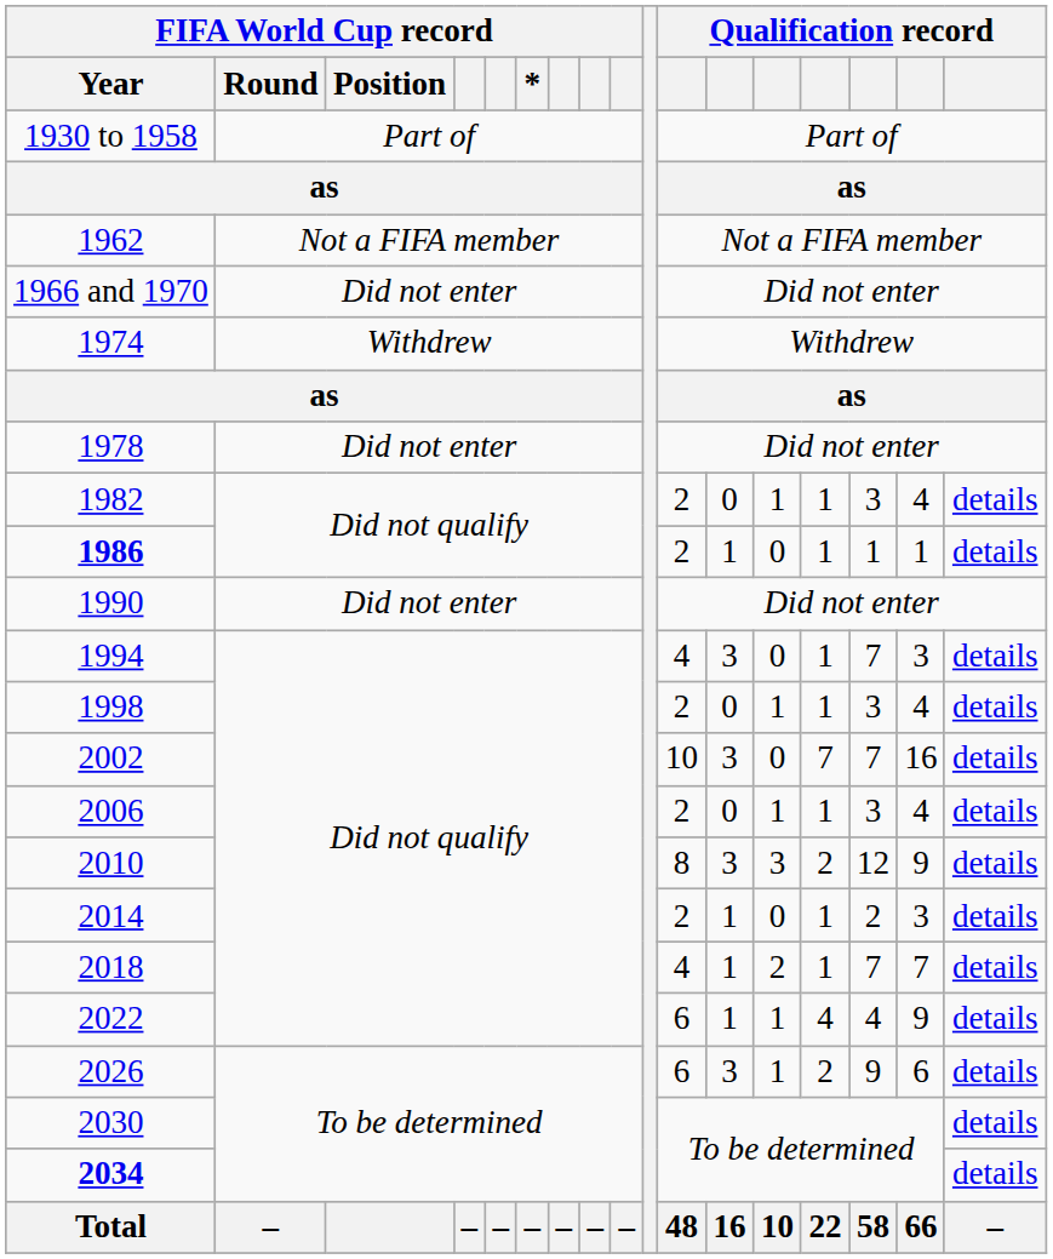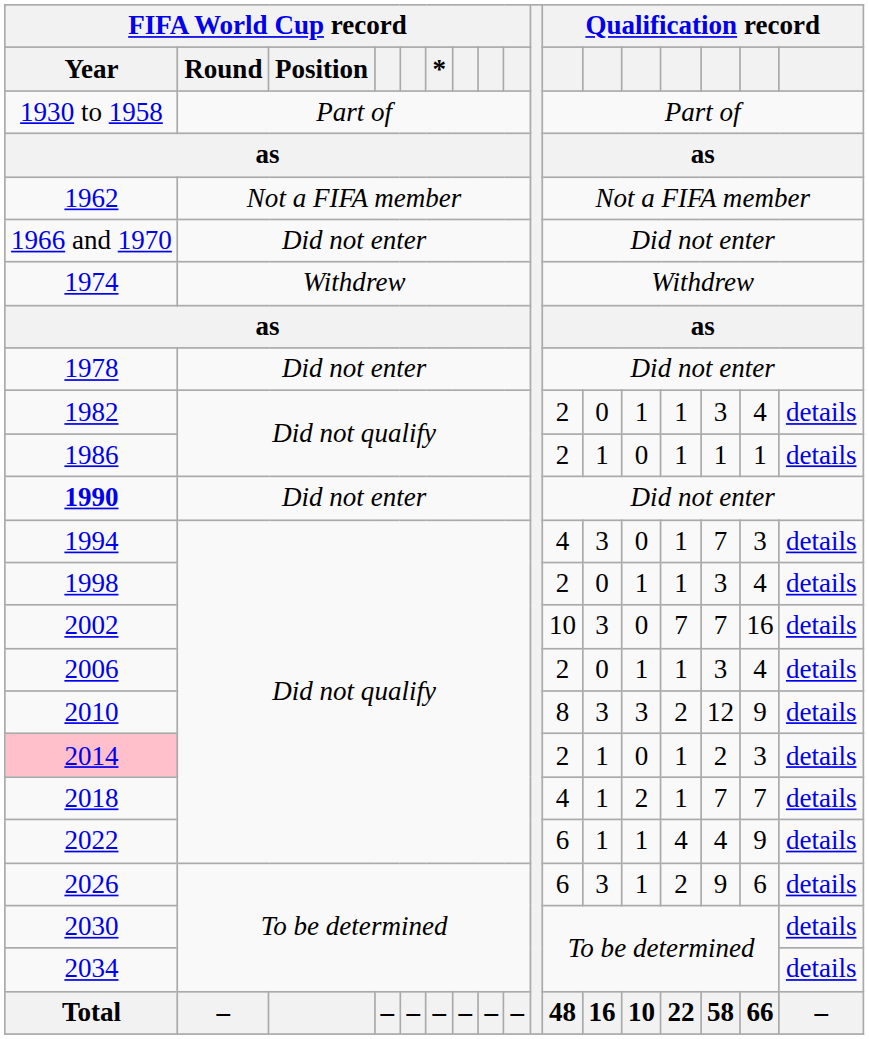 <table class="wikitable" style="text-align: center;">
 <tr>
 <th colspan=9><a href='#'>FIFA World Cup</a> record</th>
 <th rowspan=39></th>
 <th colspan=8><a href='#'>Qualification</a> record</th>
 </tr>
 <tr>
 <th>Year</th>
 <th>Round</th>
 <th>Position</th>
 <th></th>
 <th></th>
 <th>*</th>
 <th></th>
 <th></th>
 <th></th>
 <th></th>
 <th></th>
 <th></th>
 <th></th>
 <th></th>
 <th></th>
 <th></th>
 </tr>
 <tr>
 <td><a href='#'>1930</a> to <a href='#'>1958</a></td>
 <td colspan=8><em>Part of </em></td>
 <td colspan=8><em>Part of </em></td>
 </tr>
 <tr>
 <th colspan=9>as <strong></strong></th>
 <th colspan=8>as <strong></strong></th>
 </tr>
 <tr>
 <td> <a href='#'>1962</a></td>
 <td colspan=8><em>Not a FIFA member</em></td>
 <td colspan=8><em>Not a FIFA member</em></td>
 </tr>
 <tr>
 <td><a href='#'>1966</a> and <a href='#'>1970</a></td>
 <td colspan=8><em>Did not enter</em></td>
 <td colspan=8><em>Did not enter</em></td>
 </tr>
 <tr>
 <td> <a href='#'>1974</a></td>
 <td colspan=8><em>Withdrew</em></td>
 <td colspan=8><em>Withdrew</em></td>
 </tr>
 <tr>
 <th colspan=9>as <strong></strong></th>
 <th colspan=8>as <strong></strong></th>
 </tr>
 <tr>
 <td> <a href='#'>1978</a></td>
 <td colspan=8><em>Did not enter</em></td>
 <td colspan=8><em>Did not enter</em></td>
 </tr>
 <tr>
 <td> <a href='#'>1982</a></td>
 <td colspan=8 rowspan=2><em>Did not qualify</em></td>
 <td>2</td>
 <td>0</td>
 <td>1</td>
 <td>1</td>
 <td>3</td>
 <td>4</td>
 <td><a href='#'>details</a></td>
 </tr>
 <tr>
-<td><strong> <a href='#'>1986</a></strong></td>
+<td> <a href='#'>1986</a></td>
 <td>2</td>
 <td>1</td>
 <td>0</td>
 <td>1</td>
 <td>1</td>
 <td>1</td>
 <td><a href='#'>details</a></td>
 </tr>
 <tr>
-<td> <a href='#'>1990</a></td>
+<td><strong> <a href='#'>1990</a></strong></td>
 <td colspan=8><em>Did not enter</em></td>
 <td colspan=8><em>Did not enter</em></td>
 </tr>
 <tr>
 <td> <a href='#'>1994</a></td>
 <td colspan=8 rowspan=8><em>Did not qualify</em></td>
 <td>4</td>
 <td>3</td>
 <td>0</td>
 <td>1</td>
 <td>7</td>
 <td>3</td>
 <td><a href='#'>details</a></td>
 </tr>
 <tr>
 <td> <a href='#'>1998</a></td>
 <td>2</td>
 <td>0</td>
 <td>1</td>
 <td>1</td>
 <td>3</td>
 <td>4</td>
 <td><a href='#'>details</a></td>
 </tr>
 <tr>
 <td>  <a href='#'>2002</a></td>
 <td>10</td>
 <td>3</td>
 <td>0</td>
 <td>7</td>
 <td>7</td>
 <td>16</td>
 <td><a href='#'>details</a></td>
 </tr>
 <tr>
 <td> <a href='#'>2006</a></td>
 <td>2</td>
 <td>0</td>
 <td>1</td>
 <td>1</td>
 <td>3</td>
 <td>4</td>
 <td><a href='#'>details</a></td>
 </tr>
 <tr>
 <td> <a href='#'>2010</a></td>
 <td>8</td>
 <td>3</td>
 <td>3</td>
 <td>2</td>
 <td>12</td>
 <td>9</td>
 <td><a href='#'>details</a></td>
 </tr>
 <tr>
-<td> <a href='#'>2014</a></td>
+<td style="background: pink;"> <a href='#'>2014</a></td>
 <td>2</td>
 <td>1</td>
 <td>0</td>
 <td>1</td>
 <td>2</td>
 <td>3</td>
 <td><a href='#'>details</a></td>
 </tr>
 <tr>
 <td> <a href='#'>2018</a></td>
 <td>4</td>
 <td>1</td>
 <td>2</td>
 <td>1</td>
 <td>7</td>
 <td>7</td>
 <td><a href='#'>details</a></td>
 </tr>
 <tr>
 <td> <a href='#'>2022</a></td>
 <td>6</td>
 <td>1</td>
 <td>1</td>
 <td>4</td>
 <td>4</td>
 <td>9</td>
 <td><a href='#'>details</a></td>
 </tr>
 <tr>
 <td>   <a href='#'>2026</a></td>
 <td colspan=8 rowspan=3><em>To be determined</em></td>
 <td>6</td>
 <td>3</td>
 <td>1</td>
 <td>2</td>
 <td>9</td>
 <td>6</td>
 <td><a href='#'>details</a></td>
 </tr>
 <tr>
 <td>   <a href='#'>2030</a></td>
 <td colspan=6 rowspan=2><em>To be determined</em></td>
 <td><a href='#'>details</a></td>
 </tr>
 <tr>
-<td><strong> <a href='#'>2034</a></strong></td>
+<td> <a href='#'>2034</a></td>
 <td><a href='#'>details</a></td>
 </tr>
 <tr>
 <th>Total</th>
 <th>–</th>
 <th></th>
 <th>–</th>
 <th>–</th>
 <th>–</th>
 <th>–</th>
 <th>–</th>
 <th>–</th>
 <th>48</th>
 <th>16</th>
 <th>10</th>
 <th>22</th>
 <th>58</th>
 <th>66</th>
 <th>–</th>
 </tr>
 </table>
